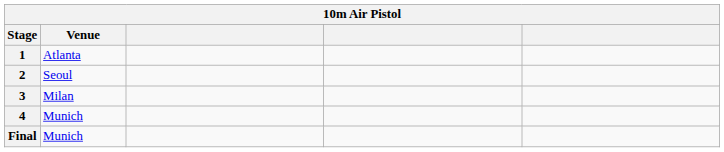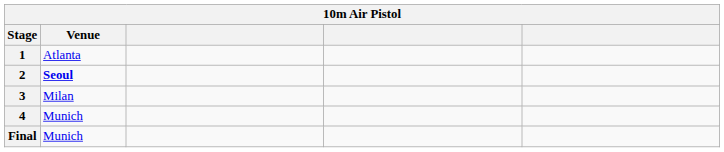 <table class="wikitable">
 <tr>
 <th colspan="5">10m Air Pistol</th>
 </tr>
 <tr>
 <th>Stage</th>
 <th width=100>Venue</th>
 <th width=240></th>
 <th width=240></th>
 <th width=240></th>
 </tr>
 <tr>
 <th>1</th>
 <td> <a href='#'>Atlanta</a></td>
 <td></td>
 <td></td>
 <td></td>
 </tr>
 <tr>
 <th>2</th>
-<td> <a href='#'>Seoul</a></td>
+<td><strong> <a href='#'>Seoul</a></strong></td>
 <td></td>
 <td></td>
 <td></td>
 </tr>
 <tr>
 <th>3</th>
 <td> <a href='#'>Milan</a></td>
 <td></td>
 <td></td>
 <td></td>
 </tr>
 <tr>
 <th>4</th>
 <td> <a href='#'>Munich</a></td>
 <td></td>
 <td></td>
 <td></td>
 </tr>
 <tr>
 <th>Final</th>
 <td> <a href='#'>Munich</a></td>
 <td></td>
 <td></td>
 <td></td>
 </tr>
 </table>
